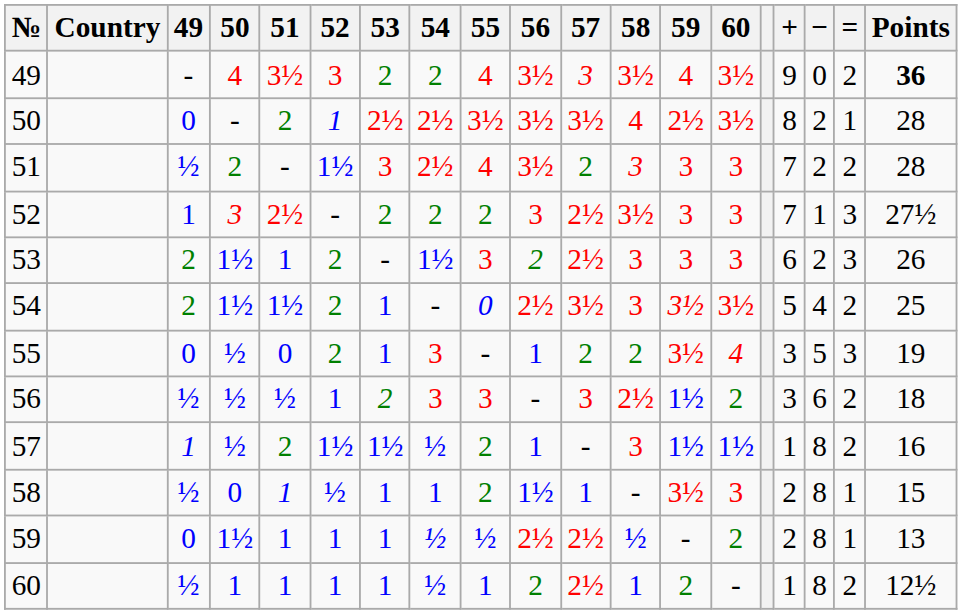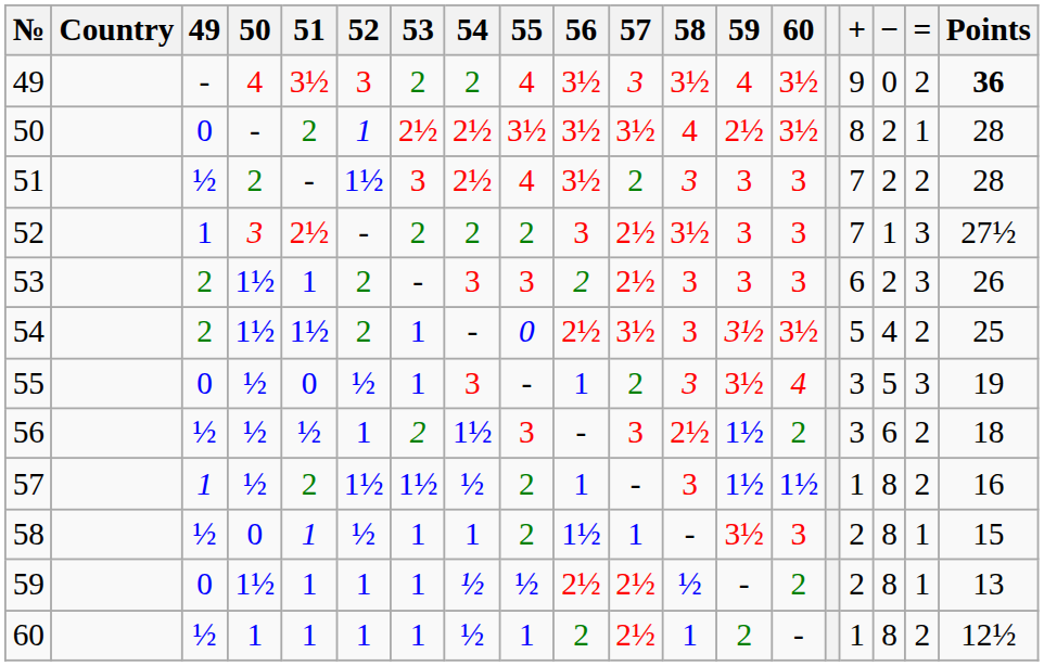 <table class="wikitable" style="text-align:center">
 <tr>
 <th>№</th>
 <th>Country</th>
 <th>49</th>
 <th>50</th>
 <th>51</th>
 <th>52</th>
 <th>53</th>
 <th>54</th>
 <th>55</th>
 <th>56</th>
 <th>57</th>
 <th>58</th>
 <th>59</th>
 <th>60</th>
 <th></th>
 <th>+</th>
 <th>−</th>
 <th>=</th>
 <th>Points</th>
 </tr>
 <tr>
 <td>49</td>
 <td style="text-align: left"></td>
 <td>-</td>
 <td style="color:red;">4</td>
 <td style="color:red;">3½</td>
 <td style="color:red;">3</td>
 <td style="color:green;">2</td>
 <td style="color:green;">2</td>
 <td style="color:red;">4</td>
 <td style="color:red;">3½</td>
 <td style="color:red;"><em>3</em></td>
 <td style="color:red;">3½</td>
 <td style="color:red;">4</td>
 <td style="color:red;">3½</td>
 <th></th>
 <td>9</td>
 <td>0</td>
 <td>2</td>
 <td><strong>36</strong></td>
 </tr>
 <tr>
 <td>50</td>
 <td style="text-align: left"></td>
 <td style="color:blue;">0</td>
 <td>-</td>
 <td style="color:green;">2</td>
 <td style="color:blue;"><em>1</em></td>
 <td style="color:red;">2½</td>
 <td style="color:red;">2½</td>
 <td style="color:red;">3½</td>
 <td style="color:red;">3½</td>
 <td style="color:red;">3½</td>
 <td style="color:red;">4</td>
 <td style="color:red;">2½</td>
 <td style="color:red;">3½</td>
 <th></th>
 <td>8</td>
 <td>2</td>
 <td>1</td>
 <td>28</td>
 </tr>
 <tr>
 <td>51</td>
 <td style="text-align: left"></td>
 <td style="color:blue;">½</td>
 <td style="color:green;">2</td>
 <td>-</td>
 <td style="color:blue;">1½</td>
 <td style="color:red;">3</td>
 <td style="color:red;">2½</td>
 <td style="color:red;">4</td>
 <td style="color:red;">3½</td>
 <td style="color:green;">2</td>
 <td style="color:red;"><em>3</em></td>
 <td style="color:red;">3</td>
 <td style="color:red;">3</td>
 <th></th>
 <td>7</td>
 <td>2</td>
 <td>2</td>
 <td>28</td>
 </tr>
 <tr>
 <td>52</td>
 <td style="text-align: left"></td>
 <td style="color:blue;">1</td>
 <td style="color:red;"><em>3</em></td>
 <td style="color:red;">2½</td>
 <td>-</td>
 <td style="color:green;">2</td>
 <td style="color:green;">2</td>
 <td style="color:green;">2</td>
 <td style="color:red;">3</td>
 <td style="color:red;">2½</td>
 <td style="color:red;">3½</td>
 <td style="color:red;">3</td>
 <td style="color:red;">3</td>
 <th></th>
 <td>7</td>
 <td>1</td>
 <td>3</td>
 <td>27½</td>
 </tr>
 <tr>
 <td>53</td>
 <td style="text-align: left"></td>
 <td style="color:green;">2</td>
 <td style="color:blue;">1½</td>
 <td style="color:blue;">1</td>
 <td style="color:green;">2</td>
 <td>-</td>
-<td style="color:blue;">1½</td>
+<td style="color:red;">3</td>
 <td style="color:red;">3</td>
 <td style="color:green;"><em>2</em></td>
 <td style="color:red;">2½</td>
 <td style="color:red;">3</td>
 <td style="color:red;">3</td>
 <td style="color:red;">3</td>
 <th></th>
 <td>6</td>
 <td>2</td>
 <td>3</td>
 <td>26</td>
 </tr>
 <tr>
 <td>54</td>
 <td style="text-align: left"></td>
 <td style="color:green;">2</td>
 <td style="color:blue;">1½</td>
 <td style="color:blue;">1½</td>
 <td style="color:green;">2</td>
 <td style="color:blue;">1</td>
 <td>-</td>
 <td style="color:blue;"><em>0</em></td>
 <td style="color:red;">2½</td>
 <td style="color:red;">3½</td>
 <td style="color:red;">3</td>
 <td style="color:red;"><em>3½</em></td>
 <td style="color:red;">3½</td>
 <th></th>
 <td>5</td>
 <td>4</td>
 <td>2</td>
 <td>25</td>
 </tr>
 <tr>
 <td>55</td>
 <td style="text-align: left"></td>
 <td style="color:blue;">0</td>
 <td style="color:blue;">½</td>
 <td style="color:blue;">0</td>
-<td style="color:green;">2</td>
+<td style="color:blue;">½</td>
 <td style="color:blue;">1</td>
 <td style="color:red;">3</td>
 <td>-</td>
 <td style="color:blue;">1</td>
 <td style="color:green;">2</td>
-<td style="color:green;">2</td>
+<td style="color:red;"><em>3</em></td>
 <td style="color:red;">3½</td>
 <td style="color:red;"><em>4</em></td>
 <th></th>
 <td>3</td>
 <td>5</td>
 <td>3</td>
 <td>19</td>
 </tr>
 <tr>
 <td>56</td>
 <td style="text-align: left"></td>
 <td style="color:blue;">½</td>
 <td style="color:blue;">½</td>
 <td style="color:blue;">½</td>
 <td style="color:blue;">1</td>
 <td style="color:green;"><em>2</em></td>
-<td style="color:red;">3</td>
+<td style="color:blue;">1½</td>
 <td style="color:red;">3</td>
 <td>-</td>
 <td style="color:red;">3</td>
 <td style="color:red;">2½</td>
 <td style="color:blue;">1½</td>
 <td style="color:green;">2</td>
 <th></th>
 <td>3</td>
 <td>6</td>
 <td>2</td>
 <td>18</td>
 </tr>
 <tr>
 <td>57</td>
 <td style="text-align: left"></td>
 <td style="color:blue;"><em>1</em></td>
 <td style="color:blue;">½</td>
 <td style="color:green;">2</td>
 <td style="color:blue;">1½</td>
 <td style="color:blue;">1½</td>
 <td style="color:blue;">½</td>
 <td style="color:green;">2</td>
 <td style="color:blue;">1</td>
 <td>-</td>
 <td style="color:red;">3</td>
 <td style="color:blue;">1½</td>
 <td style="color:blue;">1½</td>
 <th></th>
 <td>1</td>
 <td>8</td>
 <td>2</td>
 <td>16</td>
 </tr>
 <tr>
 <td>58</td>
 <td style="text-align: left"></td>
 <td style="color:blue;">½</td>
 <td style="color:blue;">0</td>
 <td style="color:blue;"><em>1</em></td>
 <td style="color:blue;">½</td>
 <td style="color:blue;">1</td>
 <td style="color:blue;">1</td>
 <td style="color:green;">2</td>
 <td style="color:blue;">1½</td>
 <td style="color:blue;">1</td>
 <td>-</td>
 <td style="color:red;">3½</td>
 <td style="color:red;">3</td>
 <th></th>
 <td>2</td>
 <td>8</td>
 <td>1</td>
 <td>15</td>
 </tr>
 <tr>
 <td>59</td>
 <td style="text-align: left"></td>
 <td style="color:blue;">0</td>
 <td style="color:blue;">1½</td>
 <td style="color:blue;">1</td>
 <td style="color:blue;">1</td>
 <td style="color:blue;">1</td>
 <td style="color:blue;"><em>½</em></td>
 <td style="color:blue;">½</td>
 <td style="color:red;">2½</td>
 <td style="color:red;">2½</td>
 <td style="color:blue;">½</td>
 <td>-</td>
 <td style="color:green;">2</td>
 <th></th>
 <td>2</td>
 <td>8</td>
 <td>1</td>
 <td>13</td>
 </tr>
 <tr>
 <td>60</td>
 <td style="text-align: left"></td>
 <td style="color:blue;">½</td>
 <td style="color:blue;">1</td>
 <td style="color:blue;">1</td>
 <td style="color:blue;">1</td>
 <td style="color:blue;">1</td>
 <td style="color:blue;">½</td>
 <td style="color:blue;">1</td>
 <td style="color:green;">2</td>
 <td style="color:red;">2½</td>
 <td style="color:blue;">1</td>
 <td style="color:green;">2</td>
 <td>-</td>
 <th></th>
 <td>1</td>
 <td>8</td>
 <td>2</td>
 <td>12½</td>
 </tr>
 </table>
